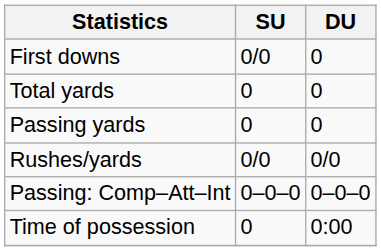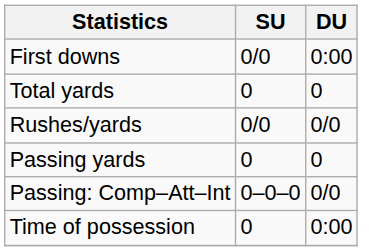 <table class="wikitable" style="float: left;">
 <tr>
 <th>Statistics</th>
 <th>SU</th>
 <th>DU</th>
 </tr>
 <tr>
 <td>First downs</td>
 <td>0/0</td>
-<td>0</td>
+<td>0:00</td>
 </tr>
 <tr>
 <td>Total yards</td>
-<td>0</td>
-<td>0</td>
-</tr>
-<tr>
-<td>Passing yards</td>
 <td>0</td>
 <td>0</td>
 </tr>
 <tr>
 <td>Rushes/yards</td>
 <td>0/0</td>
 <td>0/0</td>
 </tr>
 <tr>
+<td>Passing yards</td>
+<td>0</td>
+<td>0</td>
+</tr>
+<tr>
 <td>Passing: Comp–Att–Int</td>
 <td>0–0–0</td>
-<td>0–0–0</td>
+<td>0/0</td>
 </tr>
 <tr>
 <td>Time of possession</td>
 <td>0</td>
 <td>0:00</td>
 </tr>
 <tr>
 </tr>
 </table>
